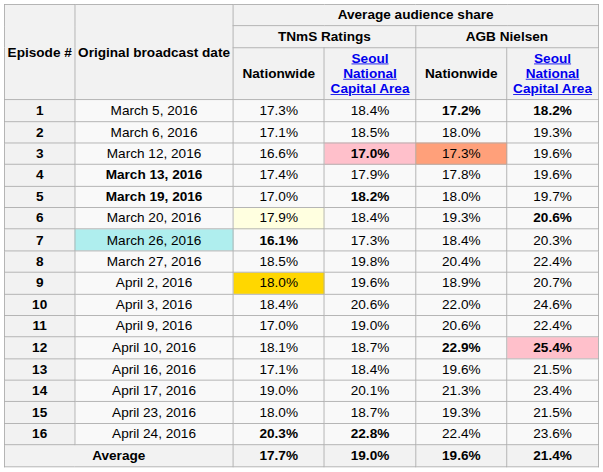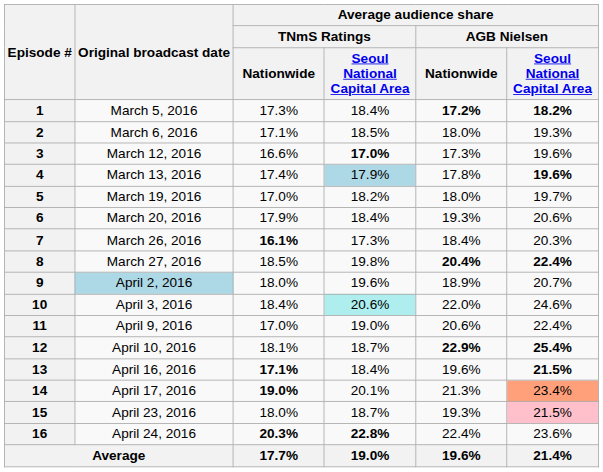 <table class=wikitable style="text-align:center">
 <tr>
 <th rowspan="3">Episode #</th>
 <th rowspan="3">Original broadcast date</th>
 <th colspan="4">Average audience share</th>
 </tr>
 <tr>
 <th colspan="2">TNmS Ratings</th>
 <th colspan="2">AGB Nielsen</th>
 </tr>
 <tr>
 <th width=100>Nationwide</th>
 <th width=100><a href='#'>Seoul National Capital Area</a></th>
 <th width=100>Nationwide</th>
 <th width=100><a href='#'>Seoul National Capital Area</a></th>
 </tr>
 <tr>
 <th>1</th>
 <td>March 5, 2016</td>
 <td>17.3%</td>
 <td>18.4%</td>
 <td><span><strong>17.2%</strong></span></td>
 <td><span><strong>18.2%</strong></span></td>
 </tr>
 <tr>
 <th>2</th>
 <td>March 6, 2016</td>
 <td>17.1%</td>
 <td>18.5%</td>
 <td>18.0%</td>
 <td>19.3%</td>
 </tr>
 <tr>
 <th>3</th>
 <td>March 12, 2016</td>
 <td>16.6%</td>
-<td style="background: pink;"><span><strong>17.0%</strong></span></td>
-<td style="background: lightsalmon;">17.3%</td>
+<td><span><strong>17.0%</strong></span></td>
+<td>17.3%</td>
 <td>19.6%</td>
 </tr>
 <tr>
 <th>4</th>
-<td><strong>March 13, 2016</strong></td>
+<td>March 13, 2016</td>
 <td>17.4%</td>
-<td>17.9%</td>
+<td style="background: lightblue;">17.9%</td>
 <td>17.8%</td>
-<td>19.6%</td>
+<td><strong>19.6%</strong></td>
 </tr>
 <tr>
 <th>5</th>
-<td><strong>March 19, 2016</strong></td>
+<td>March 19, 2016</td>
 <td>17.0%</td>
-<td><strong>18.2%</strong></td>
+<td>18.2%</td>
 <td>18.0%</td>
 <td>19.7%</td>
 </tr>
 <tr>
 <th>6</th>
 <td>March 20, 2016</td>
-<td style="background: lightyellow;">17.9%</td>
+<td>17.9%</td>
 <td>18.4%</td>
 <td>19.3%</td>
-<td><strong>20.6%</strong></td>
+<td>20.6%</td>
 </tr>
 <tr>
 <th>7</th>
-<td style="background: paleturquoise;">March 26, 2016</td>
+<td>March 26, 2016</td>
 <td><span><strong>16.1%</strong></span></td>
 <td>17.3%</td>
 <td>18.4%</td>
 <td>20.3%</td>
 </tr>
 <tr>
 <th>8</th>
 <td>March 27, 2016</td>
 <td>18.5%</td>
 <td>19.8%</td>
-<td>20.4%</td>
-<td>22.4%</td>
+<td><strong>20.4%</strong></td>
+<td><strong>22.4%</strong></td>
 </tr>
 <tr>
 <th>9</th>
-<td>April 2, 2016</td>
-<td style="background: gold;">18.0%</td>
+<td style="background: lightblue;">April 2, 2016</td>
+<td>18.0%</td>
 <td>19.6%</td>
 <td>18.9%</td>
 <td>20.7%</td>
 </tr>
 <tr>
 <th>10</th>
 <td>April 3, 2016</td>
 <td>18.4%</td>
-<td>20.6%</td>
+<td style="background: paleturquoise;">20.6%</td>
 <td>22.0%</td>
 <td>24.6%</td>
 </tr>
 <tr>
 <th>11</th>
 <td>April 9, 2016</td>
 <td>17.0%</td>
 <td>19.0%</td>
 <td>20.6%</td>
 <td>22.4%</td>
 </tr>
 <tr>
 <th>12</th>
 <td>April 10, 2016</td>
 <td>18.1%</td>
 <td>18.7%</td>
 <td><span><strong>22.9%</strong></span></td>
-<td style="background: pink;"><span><strong>25.4%</strong></span></td>
+<td><span><strong>25.4%</strong></span></td>
 </tr>
 <tr>
 <th>13</th>
 <td>April 16, 2016</td>
-<td>17.1%</td>
+<td><strong>17.1%</strong></td>
 <td>18.4%</td>
 <td>19.6%</td>
-<td>21.5%</td>
+<td><strong>21.5%</strong></td>
 </tr>
 <tr>
 <th>14</th>
 <td>April 17, 2016</td>
-<td>19.0%</td>
+<td><strong>19.0%</strong></td>
 <td>20.1%</td>
 <td>21.3%</td>
-<td>23.4%</td>
+<td style="background: lightsalmon;">23.4%</td>
 </tr>
 <tr>
 <th>15</th>
 <td>April 23, 2016</td>
 <td>18.0%</td>
 <td>18.7%</td>
 <td>19.3%</td>
-<td>21.5%</td>
+<td style="background: pink;">21.5%</td>
 </tr>
 <tr>
 <th>16</th>
 <td>April 24, 2016</td>
 <td><span><strong>20.3%</strong></span></td>
 <td><span><strong>22.8%</strong></span></td>
 <td>22.4%</td>
 <td>23.6%</td>
 </tr>
 <tr>
 <th colspan=2>Average</th>
 <th>17.7%</th>
 <th>19.0%</th>
 <th>19.6%</th>
 <th>21.4%</th>
 </tr>
 </table>
